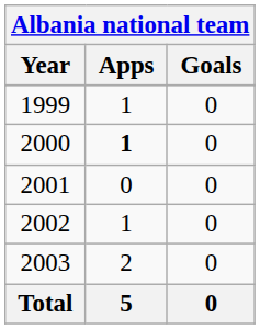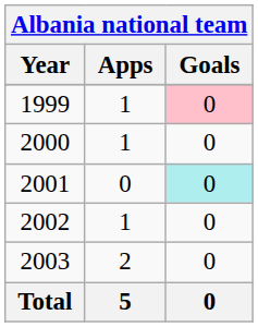 <table class="wikitable" style="text-align:center">
 <tr>
 <th colspan=3><a href='#'>Albania national team</a></th>
 </tr>
 <tr>
 <th>Year</th>
 <th>Apps</th>
 <th>Goals</th>
 </tr>
 <tr>
 </tr>
 <tr>
 <td>1999</td>
 <td>1</td>
-<td>0</td>
+<td style="background: pink;">0</td>
 </tr>
 <tr>
 <td>2000</td>
-<td><strong>1</strong></td>
+<td>1</td>
 <td>0</td>
 </tr>
 <tr>
 <td>2001</td>
 <td>0</td>
-<td>0</td>
+<td style="background: paleturquoise;">0</td>
 </tr>
 <tr>
 <td>2002</td>
 <td>1</td>
 <td>0</td>
 </tr>
 <tr>
 <td>2003</td>
 <td>2</td>
 <td>0</td>
 </tr>
 <tr>
 <th>Total</th>
 <th>5</th>
 <th>0</th>
 </tr>
 </table>
